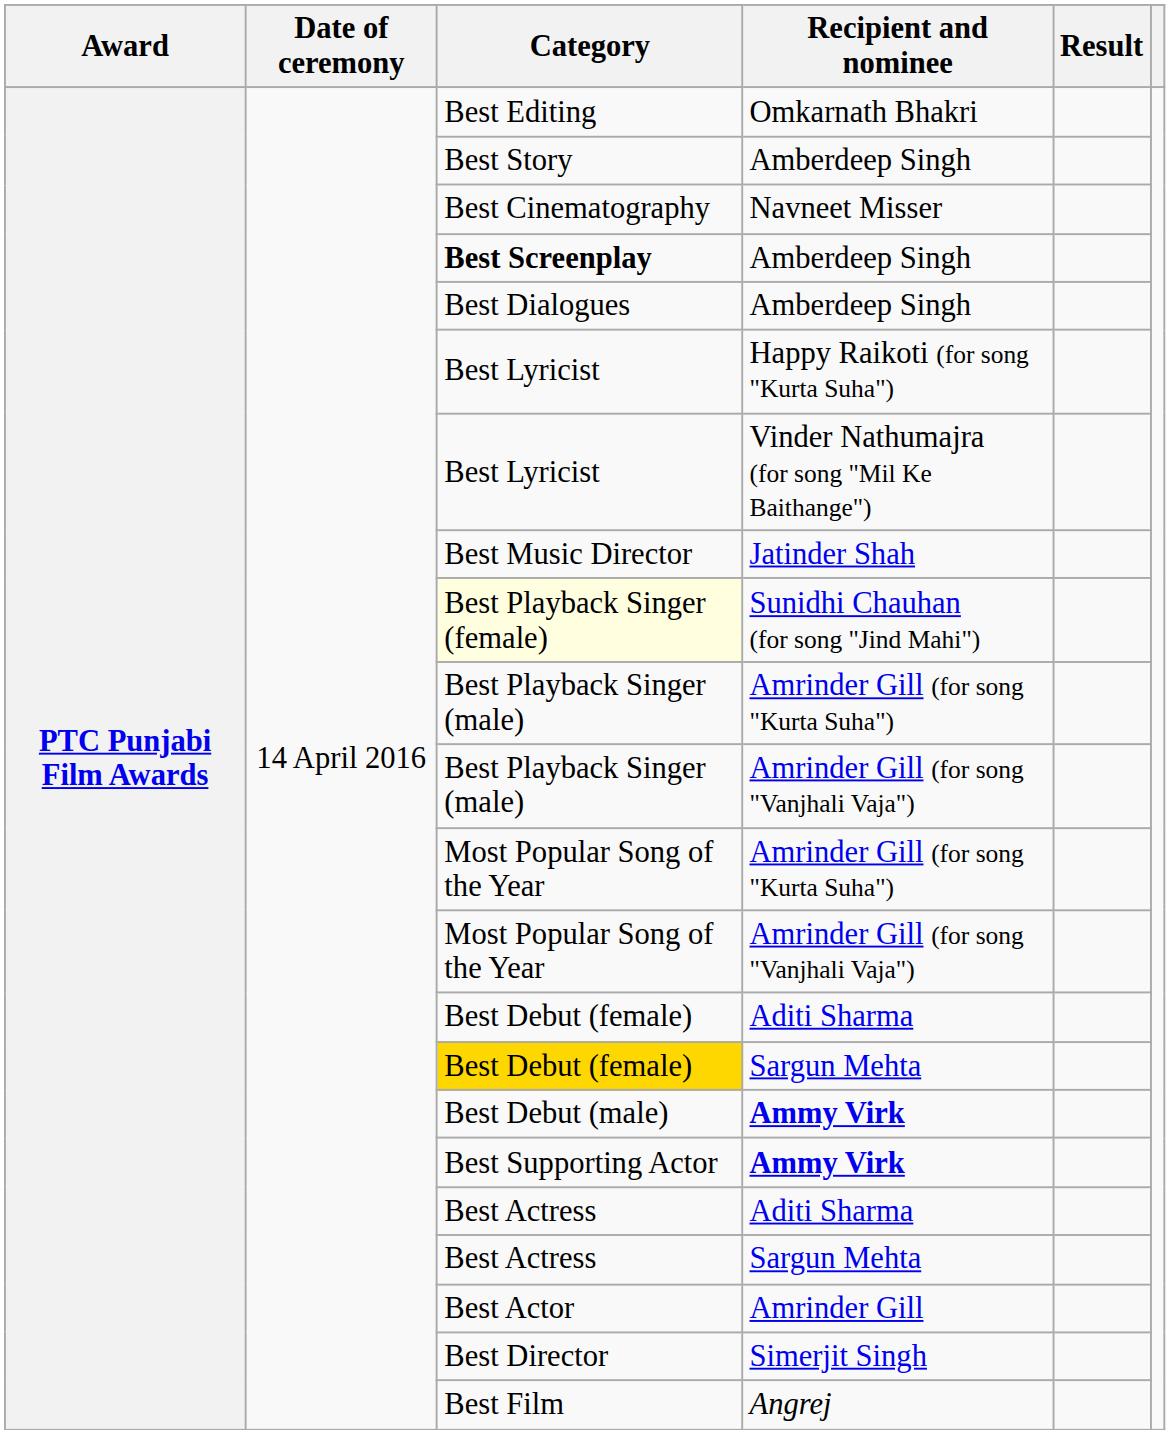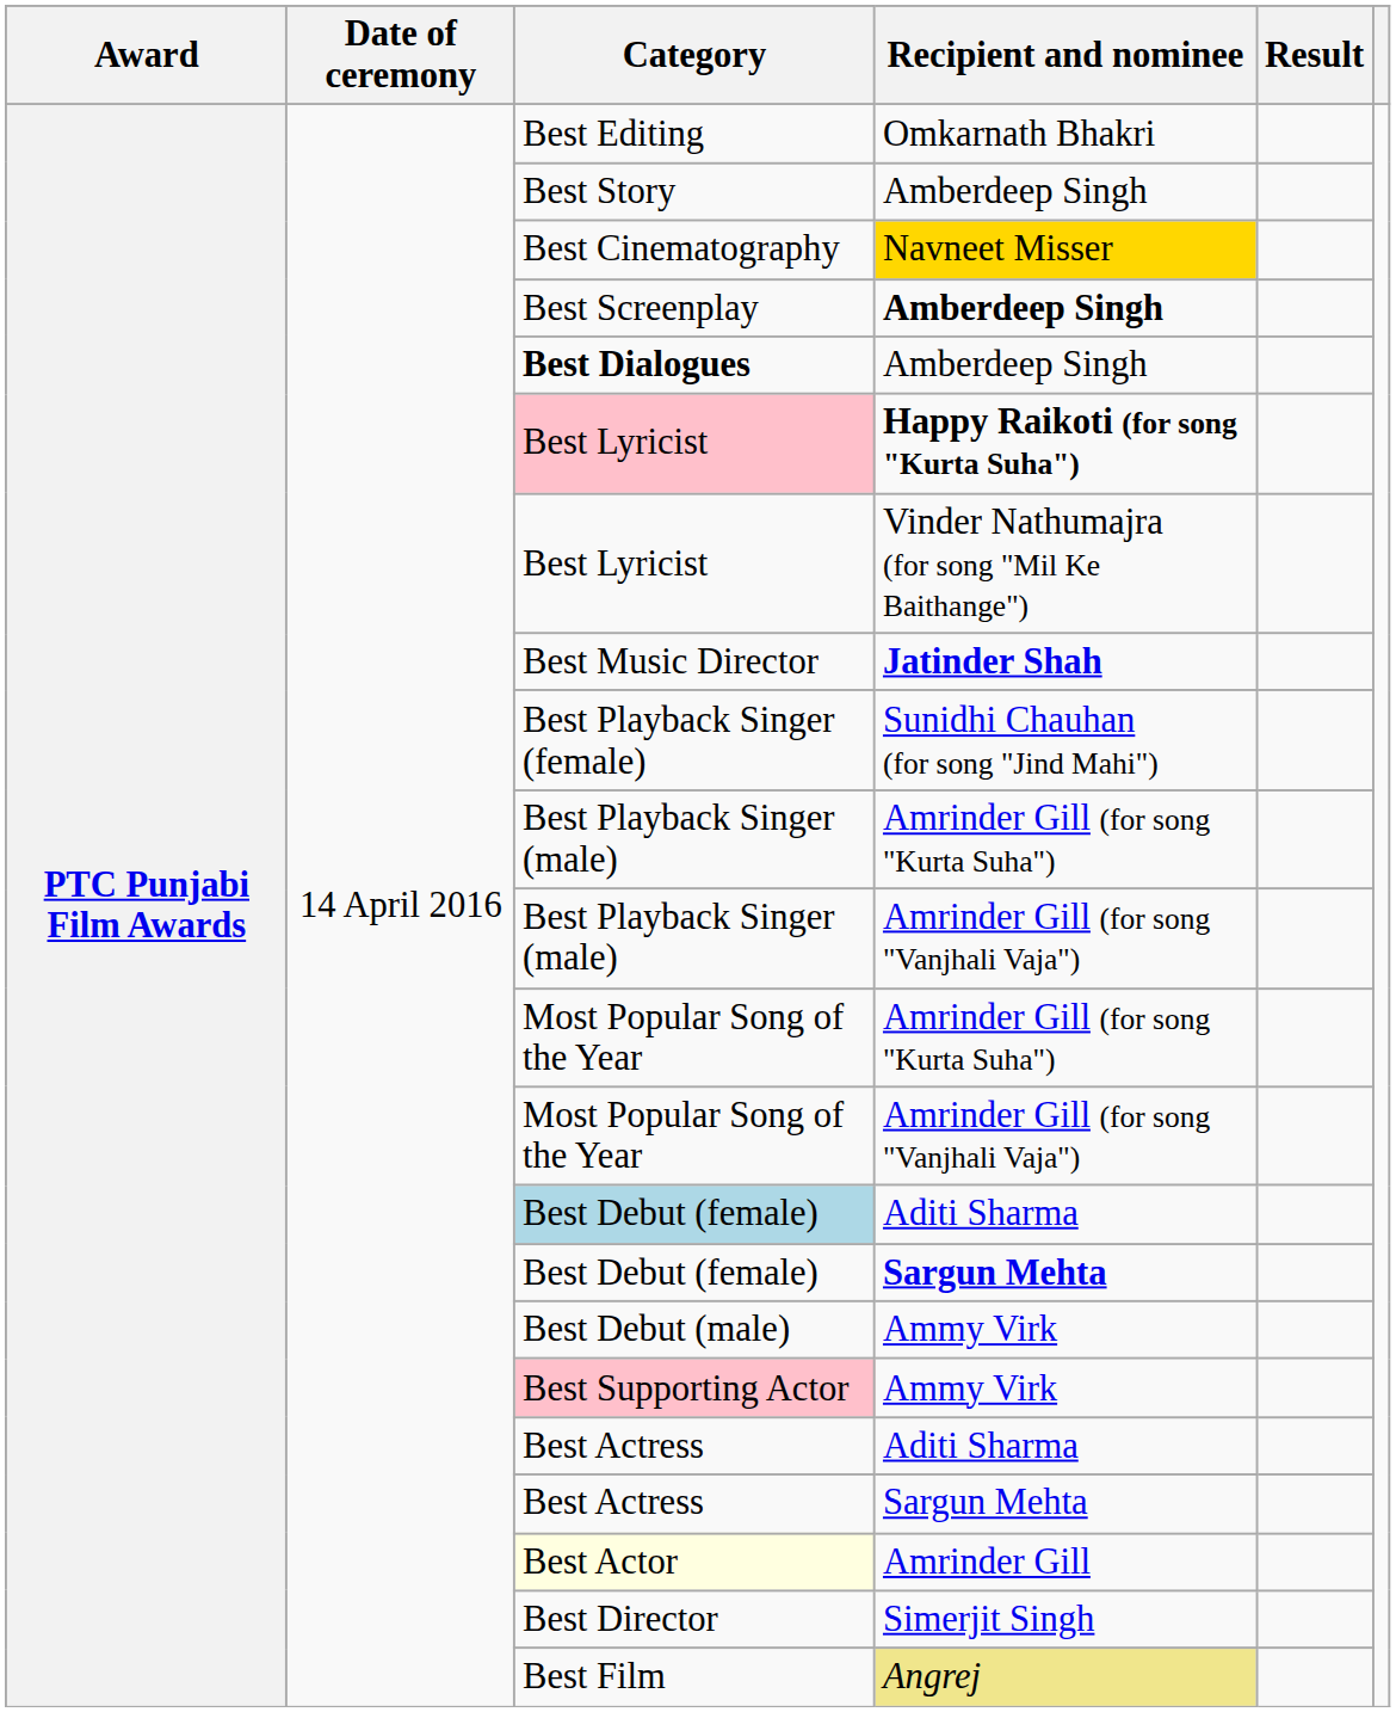 <table class="wikitable plainrowheaders sortable">
 <tr>
 <th scope="col">Award</th>
 <th scope="col">Date of ceremony</th>
 <th scope="col">Category</th>
 <th scope="col">Recipient and nominee</th>
 <th scope="col">Result</th>
 <th scope="col" class="unsortable"></th>
 </tr>
 <tr>
 <th scope="row" rowspan="22"><a href='#'>PTC Punjabi Film Awards</a></th>
 <td rowspan="22" style="text-align:center;">14 April 2016</td>
 <td>Best Editing</td>
 <td>Omkarnath Bhakri</td>
 <td></td>
 <td rowspan="22" style="text-align:center;"></td>
 </tr>
 <tr>
 <td>Best Story</td>
 <td>Amberdeep Singh</td>
 <td></td>
 </tr>
 <tr>
 <td>Best Cinematography</td>
-<td>Navneet Misser</td>
+<td style="background: gold;">Navneet Misser</td>
 <td></td>
 </tr>
 <tr>
-<td><strong>Best Screenplay</strong></td>
+<td>Best Screenplay</td>
+<td><strong>Amberdeep Singh</strong></td>
+<td></td>
+</tr>
+<tr>
+<td><strong>Best Dialogues</strong></td>
 <td>Amberdeep Singh</td>
 <td></td>
 </tr>
 <tr>
-<td>Best Dialogues</td>
-<td>Amberdeep Singh</td>
-<td></td>
-</tr>
-<tr>
-<td>Best Lyricist</td>
-<td>Happy Raikoti <small>(for song "Kurta Suha")</small></td>
+<td style="background: pink;">Best Lyricist</td>
+<td><strong>Happy Raikoti <small>(for song "Kurta Suha")</small></strong></td>
 <td></td>
 </tr>
 <tr>
 <td>Best Lyricist</td>
 <td>Vinder Nathumajra <br> <small>(for song "Mil Ke Baithange")</small></td>
 <td></td>
 </tr>
 <tr>
 <td>Best Music Director</td>
-<td><a href='#'>Jatinder Shah</a></td>
+<td><strong><a href='#'>Jatinder Shah</a></strong></td>
 <td></td>
 </tr>
 <tr>
-<td style="background: lightyellow;">Best Playback Singer (female)</td>
+<td>Best Playback Singer (female)</td>
 <td><a href='#'>Sunidhi Chauhan</a> <br> <small>(for song "Jind Mahi")</small></td>
 <td></td>
 </tr>
 <tr>
 <td>Best Playback Singer (male)</td>
 <td><a href='#'>Amrinder Gill</a> <small>(for song "Kurta Suha")</small></td>
 <td></td>
 </tr>
 <tr>
 <td>Best Playback Singer (male)</td>
 <td><a href='#'>Amrinder Gill</a> <small>(for song "Vanjhali Vaja")</small></td>
 <td></td>
 </tr>
 <tr>
 <td>Most Popular Song of the Year</td>
 <td><a href='#'>Amrinder Gill</a> <small>(for song "Kurta Suha")</small></td>
 <td></td>
 </tr>
 <tr>
 <td>Most Popular Song of the Year</td>
 <td><a href='#'>Amrinder Gill</a> <small>(for song "Vanjhali Vaja")</small></td>
 <td></td>
 </tr>
 <tr>
-<td>Best Debut (female)</td>
+<td style="background: lightblue;">Best Debut (female)</td>
 <td><a href='#'>Aditi Sharma</a></td>
 <td></td>
 </tr>
 <tr>
-<td style="background: gold;">Best Debut (female)</td>
-<td><a href='#'>Sargun Mehta</a></td>
+<td>Best Debut (female)</td>
+<td><strong><a href='#'>Sargun Mehta</a></strong></td>
 <td></td>
 </tr>
 <tr>
 <td>Best Debut (male)</td>
-<td><strong><a href='#'>Ammy Virk</a></strong></td>
+<td><a href='#'>Ammy Virk</a></td>
 <td></td>
 </tr>
 <tr>
-<td>Best Supporting Actor</td>
-<td><strong><a href='#'>Ammy Virk</a></strong></td>
+<td style="background: pink;">Best Supporting Actor</td>
+<td><a href='#'>Ammy Virk</a></td>
 <td></td>
 </tr>
 <tr>
 <td>Best Actress</td>
 <td><a href='#'>Aditi Sharma</a></td>
 <td></td>
 </tr>
 <tr>
 <td>Best Actress</td>
 <td><a href='#'>Sargun Mehta</a></td>
 <td></td>
 </tr>
 <tr>
-<td>Best Actor</td>
+<td style="background: lightyellow;">Best Actor</td>
 <td><a href='#'>Amrinder Gill</a></td>
 <td></td>
 </tr>
 <tr>
 <td>Best Director</td>
 <td><a href='#'>Simerjit Singh</a></td>
 <td></td>
 </tr>
 <tr>
 <td>Best Film</td>
-<td><em>Angrej</em></td>
+<td style="background: khaki;"><em>Angrej</em></td>
 <td></td>
 </tr>
 </table>
